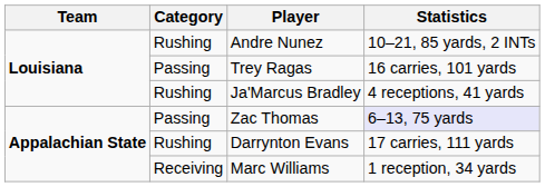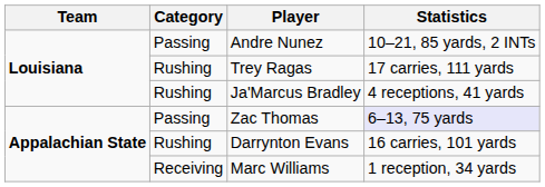 <table class="wikitable" style="float: left;">
 <tr>
 <th>Team</th>
 <th>Category</th>
 <th>Player</th>
 <th>Statistics</th>
 </tr>
 <tr>
 <td rowspan=3><strong>Louisiana</strong></td>
-<td>Rushing</td>
+<td>Passing</td>
 <td>Andre Nunez</td>
 <td>10–21, 85 yards, 2 INTs</td>
 </tr>
 <tr>
-<td>Passing</td>
+<td>Rushing</td>
 <td>Trey Ragas</td>
-<td>16 carries, 101 yards</td>
+<td>17 carries, 111 yards</td>
 </tr>
 <tr>
 <td>Rushing</td>
 <td>Ja'Marcus Bradley</td>
 <td>4 receptions, 41 yards</td>
 </tr>
 <tr>
 <td rowspan=3><strong>Appalachian State</strong></td>
 <td>Passing</td>
 <td>Zac Thomas</td>
 <td style="background: lavender;">6–13, 75 yards</td>
 </tr>
 <tr>
 <td>Rushing</td>
 <td>Darrynton Evans</td>
-<td>17 carries, 111 yards</td>
+<td>16 carries, 101 yards</td>
 </tr>
 <tr>
 <td>Receiving</td>
 <td>Marc Williams</td>
 <td>1 reception, 34 yards</td>
 </tr>
 </table>
